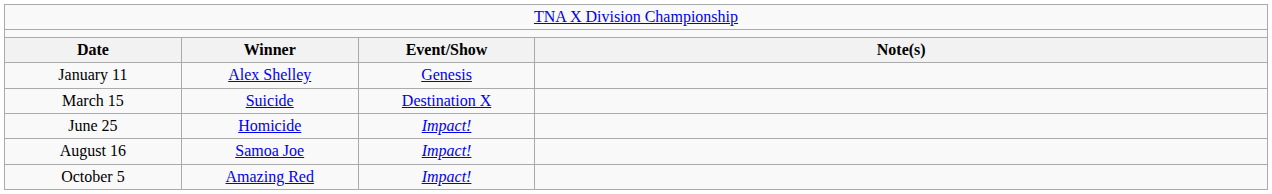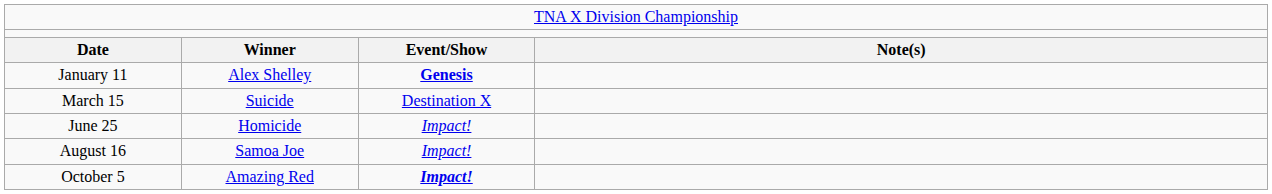 <table class="wikitable" style="text-align:center; width:100%;">
 <tr>
 <td colspan="5"><a href='#'>TNA X Division Championship</a></td>
 </tr>
 <tr>
 <td colspan="5"><strong></strong></td>
 </tr>
 <tr>
 <th width="14%">Date</th>
 <th width="14%">Winner</th>
 <th width="14%">Event/Show</th>
 <th width="58%">Note(s)</th>
 </tr>
 <tr>
 <td>January 11</td>
 <td><a href='#'>Alex Shelley</a></td>
-<td><a href='#'>Genesis</a></td>
+<td><strong><a href='#'>Genesis</a></strong></td>
 <td></td>
 </tr>
 <tr>
 <td>March 15</td>
 <td><a href='#'>Suicide</a></td>
 <td><a href='#'>Destination X</a></td>
 <td></td>
 </tr>
 <tr>
 <td>June 25</td>
 <td><a href='#'>Homicide</a></td>
 <td><em><a href='#'>Impact!</a></em></td>
 <td></td>
 </tr>
 <tr>
 <td>August 16</td>
 <td><a href='#'>Samoa Joe</a></td>
 <td><em><a href='#'>Impact!</a></em></td>
 <td></td>
 </tr>
 <tr>
 <td>October 5</td>
 <td><a href='#'>Amazing Red</a></td>
-<td><em><a href='#'>Impact!</a></em></td>
+<td><strong><em><a href='#'>Impact!</a></em></strong></td>
 <td></td>
 </tr>
 <tr>
 </tr>
 </table>
